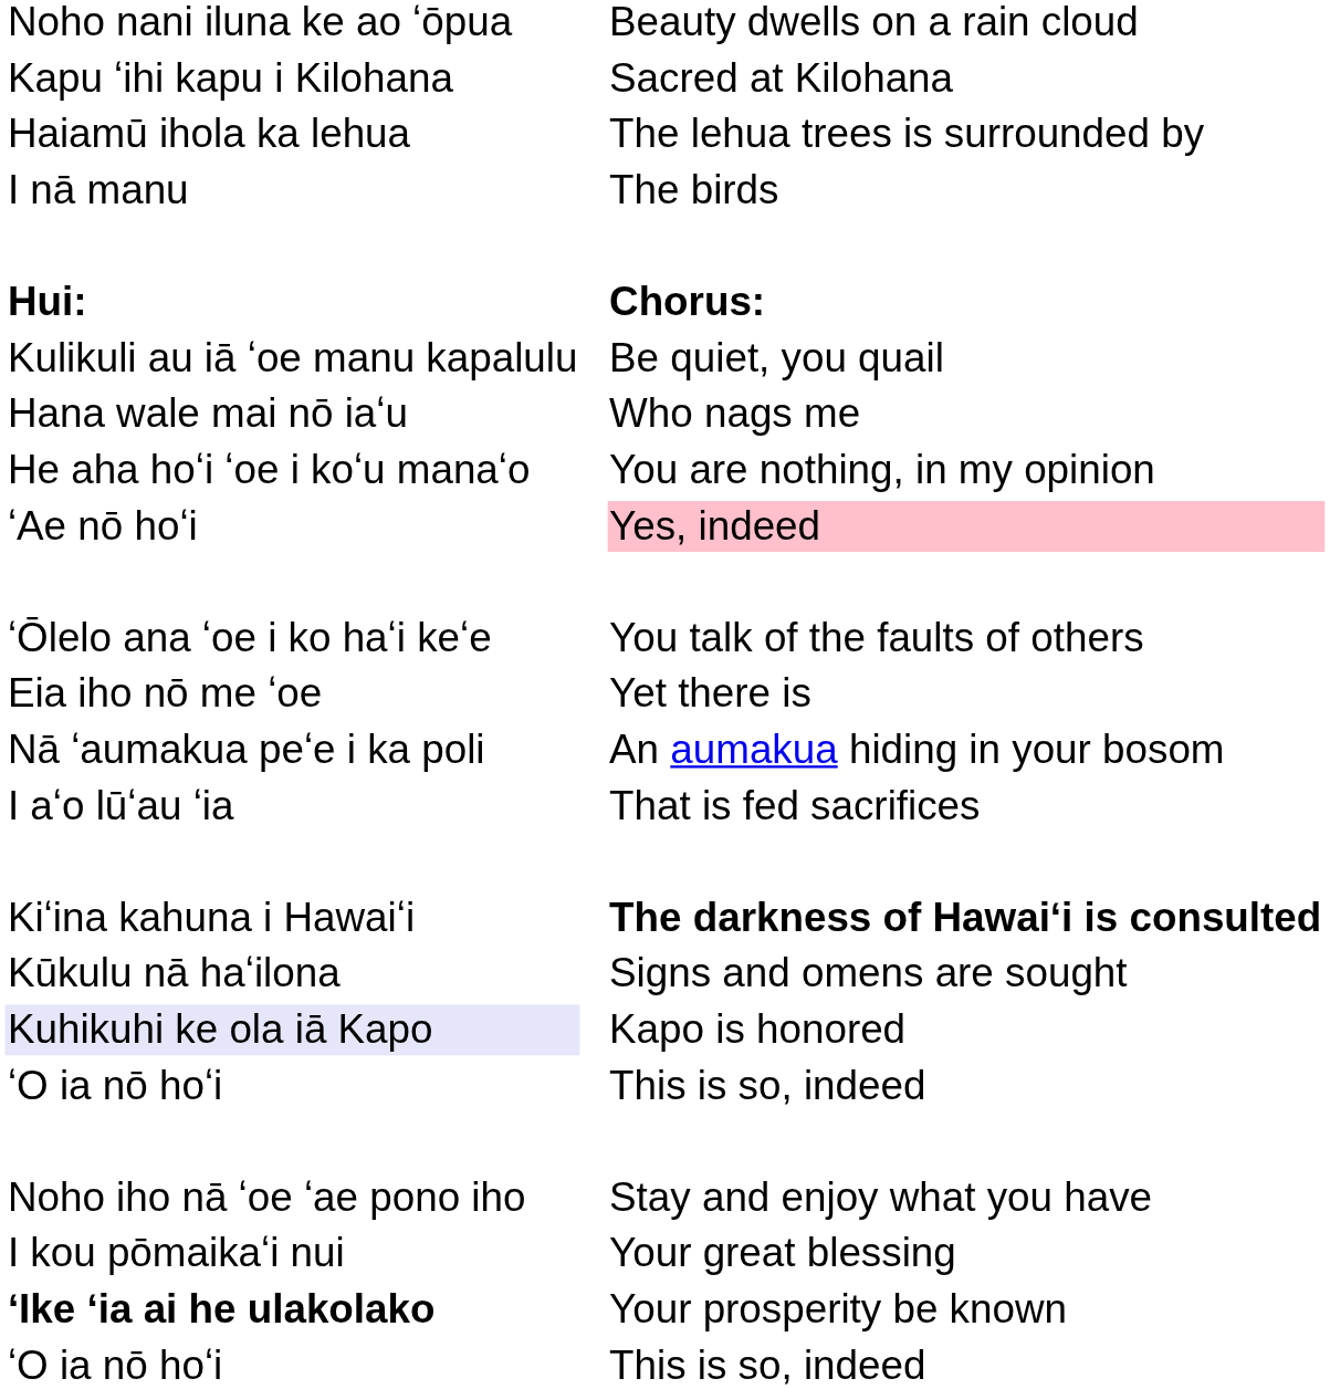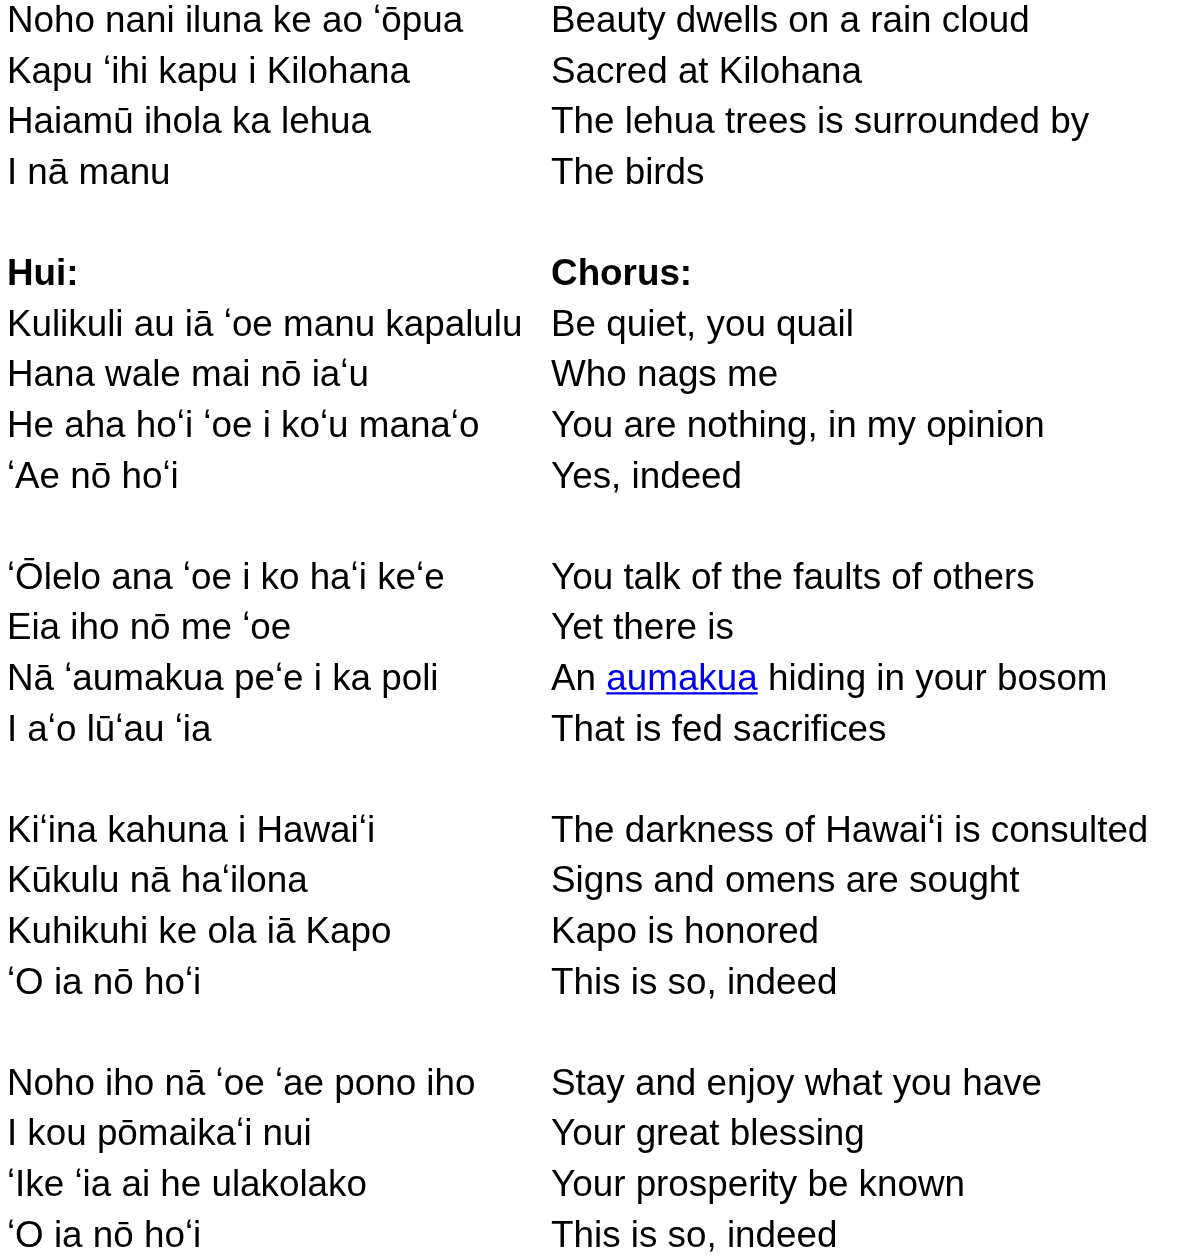 <table>
 <tr>
 <td>Noho nani iluna ke ao ʻōpua</td>
 <td rowspan=99> </td>
 <td>Beauty dwells on a rain cloud</td>
 </tr>
 <tr>
 <td>Kapu ʻihi kapu i Kilohana</td>
 <td>Sacred at Kilohana</td>
 </tr>
 <tr>
 <td>Haiamū ihola ka lehua</td>
 <td>The lehua trees is surrounded by</td>
 </tr>
 <tr>
 <td>I nā manu</td>
 <td>The birds</td>
 </tr>
 <tr>
 <td> </td>
 <td> </td>
 </tr>
 <tr>
 <td><strong>Hui:</strong></td>
 <td><strong>Chorus:</strong></td>
 </tr>
 <tr>
 <td>Kulikuli au iā ʻoe manu kapalulu</td>
 <td>Be quiet, you quail</td>
 </tr>
 <tr>
 <td>Hana wale mai nō iaʻu</td>
 <td>Who nags me</td>
 </tr>
 <tr>
 <td>He aha hoʻi ʻoe i koʻu manaʻo</td>
 <td>You are nothing, in my opinion</td>
 </tr>
 <tr>
 <td>ʻAe nō hoʻi</td>
-<td style="background: pink;">Yes, indeed</td>
+<td>Yes, indeed</td>
 </tr>
 <tr>
 <td> </td>
 <td> </td>
 </tr>
 <tr>
 <td>ʻŌlelo ana ʻoe i ko haʻi keʻe</td>
 <td>You talk of the faults of others</td>
 </tr>
 <tr>
 <td>Eia iho nō me ʻoe</td>
 <td>Yet there is</td>
 </tr>
 <tr>
 <td>Nā ʻaumakua peʻe i ka poli</td>
 <td>An <a href='#'>aumakua</a> hiding in your bosom</td>
 </tr>
 <tr>
 <td>I aʻo lūʻau ʻia</td>
 <td>That is fed sacrifices</td>
 </tr>
 <tr>
 <td> </td>
 <td> </td>
 </tr>
 <tr>
 <td>Kiʻina kahuna i Hawaiʻi</td>
-<td><strong>The darkness of Hawaiʻi is consulted</strong></td>
+<td>The darkness of Hawaiʻi is consulted</td>
 </tr>
 <tr>
 <td>Kūkulu nā haʻilona</td>
 <td>Signs and omens are sought</td>
 </tr>
 <tr>
-<td style="background: lavender;">Kuhikuhi ke ola iā Kapo</td>
+<td>Kuhikuhi ke ola iā Kapo</td>
 <td>Kapo is honored</td>
 </tr>
 <tr>
 <td>ʻO ia nō hoʻi</td>
 <td>This is so, indeed</td>
 </tr>
 <tr>
 <td> </td>
 <td> </td>
 </tr>
 <tr>
 <td>Noho iho nā ʻoe ʻae pono iho</td>
 <td>Stay and enjoy what you have</td>
 </tr>
 <tr>
 <td>I kou pōmaikaʻi nui</td>
 <td>Your great blessing</td>
 </tr>
 <tr>
-<td><strong>ʻIke ʻia ai he ulakolako</strong></td>
+<td>ʻIke ʻia ai he ulakolako</td>
 <td>Your prosperity be known</td>
 </tr>
 <tr>
 <td>ʻO ia nō hoʻi</td>
 <td>This is so, indeed</td>
 </tr>
 </table>
